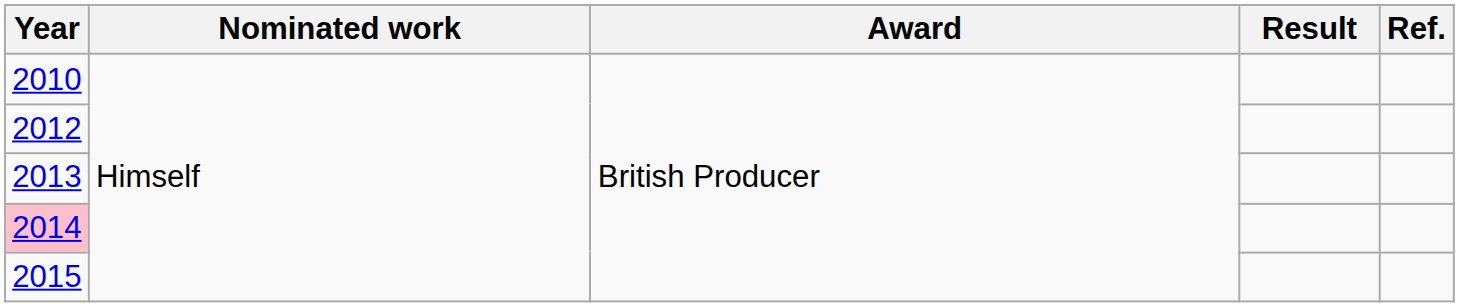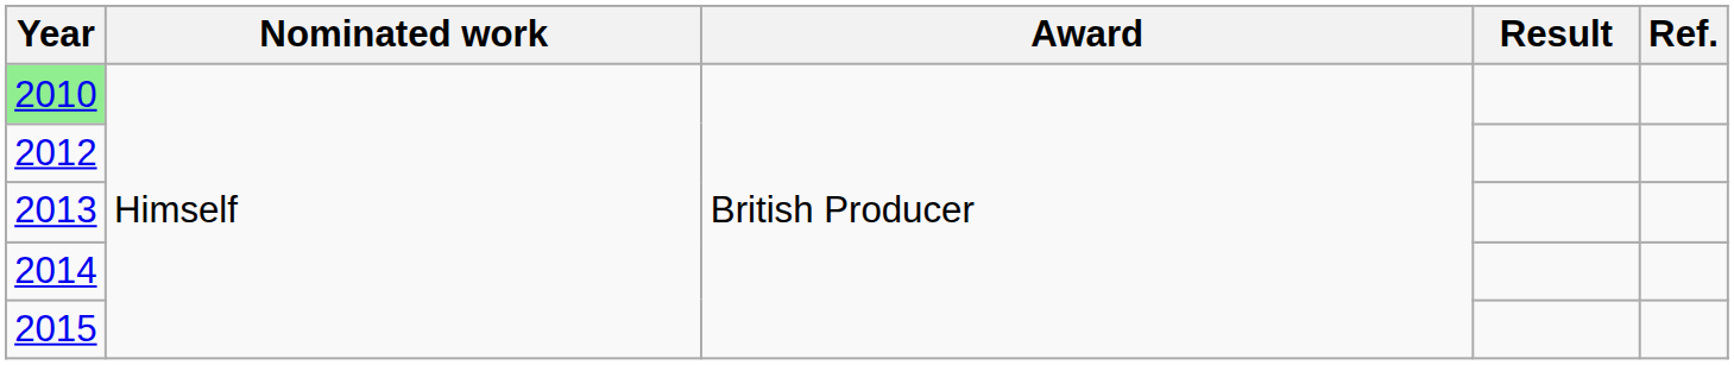 <table class="wikitable">
 <tr>
 <th>Year</th>
 <th width="250">Nominated work</th>
 <th width="325">Award</th>
 <th width="65">Result</th>
 <th>Ref.</th>
 </tr>
 <tr>
-<td><a href='#'>2010</a></td>
+<td style="background: lightgreen;"><a href='#'>2010</a></td>
 <td rowspan="5">Himself</td>
 <td rowspan="5">British Producer</td>
 <td></td>
 <td></td>
 </tr>
 <tr>
 <td><a href='#'>2012</a></td>
 <td></td>
 <td></td>
 </tr>
 <tr>
 <td><a href='#'>2013</a></td>
 <td></td>
 <td style="text-align:center;"></td>
 </tr>
 <tr>
-<td style="background: pink;"><a href='#'>2014</a></td>
+<td><a href='#'>2014</a></td>
 <td></td>
 <td></td>
 </tr>
 <tr>
 <td><a href='#'>2015</a></td>
 <td></td>
 <td style="text-align:center;"></td>
 </tr>
 </table>
